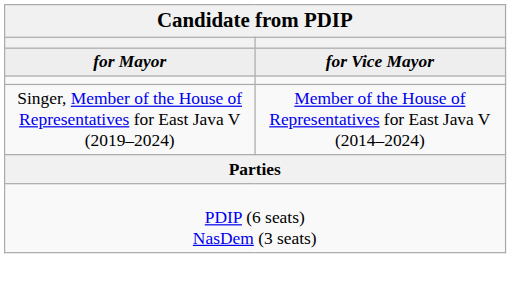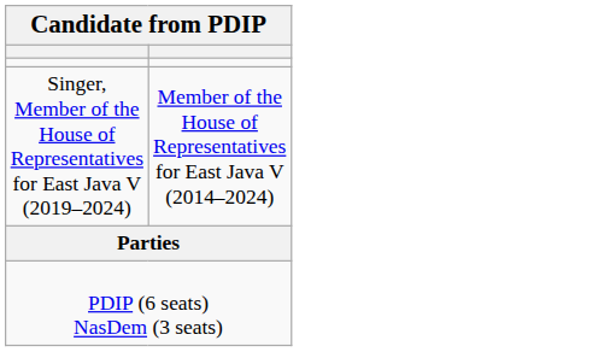 <table class="wikitable" style="font-size:90%; text-align:center;">
 <tr>
 <td colspan=2 style="background:#f1f1f1;"><strong><big>Candidate from PDIP</big></strong></td>
 </tr>
 <tr>
 <th style="width:3em; font-size:135%; background:#"><a href='#'></a></th>
 <th style="width:3em; font-size:135%; background:#"><a href='#'></a></th>
-</tr>
-<tr style="color:#000; font-size:100%; background:#EEEEEE;">
-<td style="width:3em; width:200px;"><strong><em>for Mayor</em></strong></td>
-<td style="width:3em; width:200px;"><strong><em>for Vice Mayor</em></strong></td>
 </tr>
 <tr>
 <td></td>
 <td></td>
 </tr>
 <tr>
 <td>Singer, <a href='#'>Member of the House of Representatives</a> for East Java V (2019–2024)</td>
 <td><a href='#'>Member of the House of Representatives</a> for East Java V (2014–2024)</td>
 </tr>
 <tr>
 <td colspan=2 style="background:#f1f1f1;"><strong>Parties</strong></td>
 </tr>
 <tr>
 <td colspan=2 style="align:center"><br><a href='#'>PDIP</a> (6 seats)<br><a href='#'>NasDem</a> (3 seats)</td>
 </tr>
 </table>
